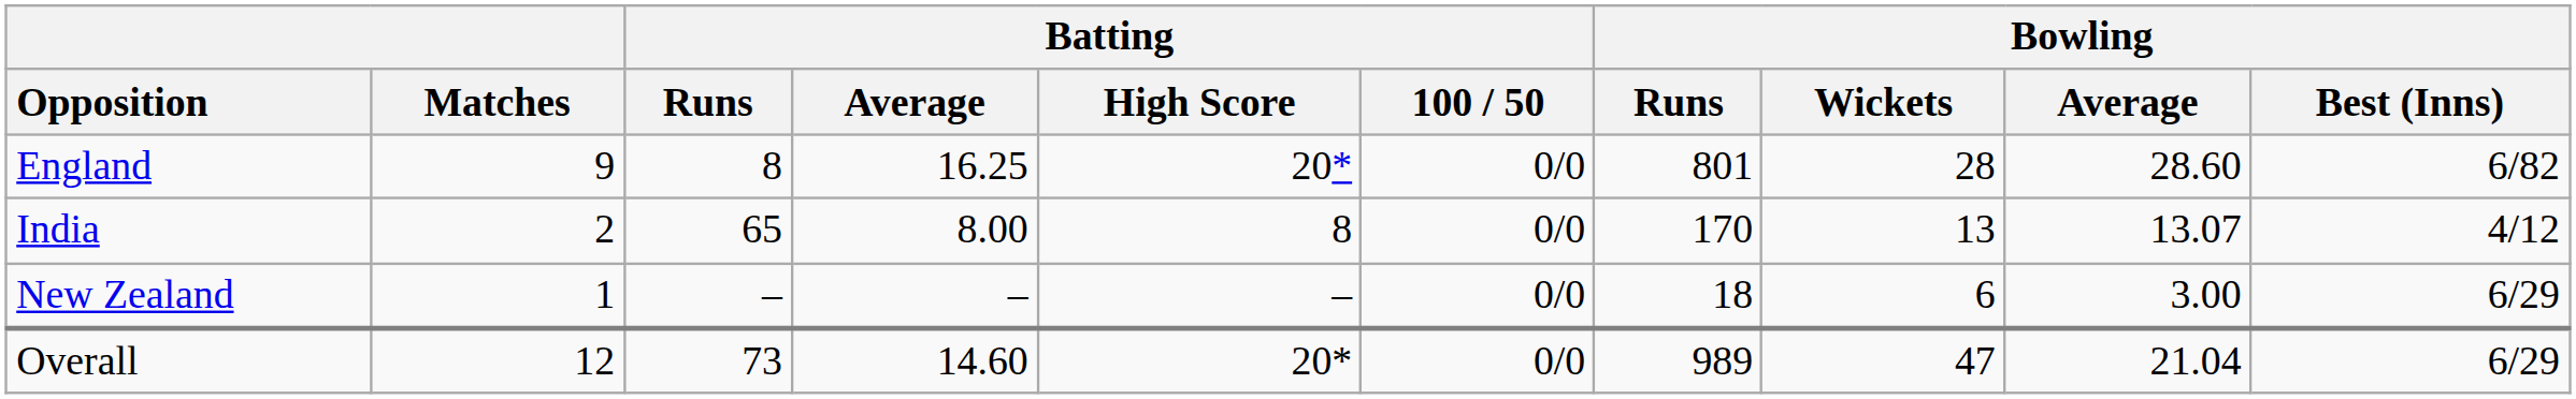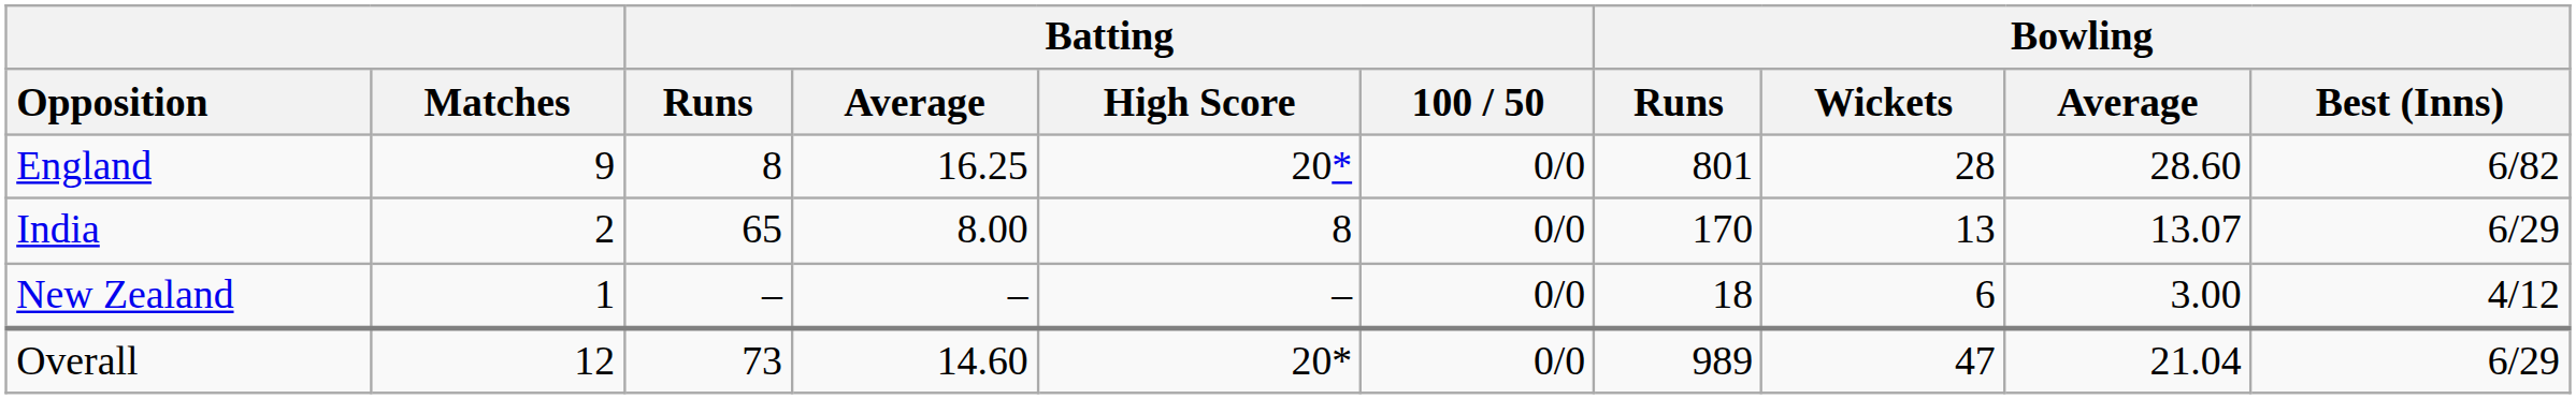 <table class="wikitable" style="margin: 1em auto 1em auto" width="80%">
 <tr>
 <th colspan=2> </th>
 <th colspan=4>Batting</th>
 <th colspan=4>Bowling</th>
 </tr>
 <tr>
 <th style="text-align:left;">Opposition</th>
 <th>Matches</th>
 <th>Runs</th>
 <th>Average</th>
 <th>High Score</th>
 <th>100 / 50</th>
 <th>Runs</th>
 <th>Wickets</th>
 <th>Average</th>
 <th>Best (Inns)</th>
 </tr>
 <tr style="text-align:right;">
 <td style="text-align:left;"><a href='#'>England</a></td>
 <td>9</td>
 <td>8</td>
 <td>16.25</td>
 <td>20<a href='#'>*</a></td>
 <td>0/0</td>
 <td>801</td>
 <td>28</td>
 <td>28.60</td>
 <td>6/82</td>
 </tr>
 <tr style="text-align:right;">
 <td style="text-align:left;"><a href='#'>India</a></td>
 <td>2</td>
 <td>65</td>
 <td>8.00</td>
 <td>8</td>
 <td>0/0</td>
 <td>170</td>
 <td>13</td>
 <td>13.07</td>
-<td>4/12</td>
+<td>6/29</td>
 </tr>
 <tr style="text-align:right;">
 <td style="text-align:left;"><a href='#'>New Zealand</a></td>
 <td>1</td>
 <td>–</td>
 <td>–</td>
 <td>–</td>
 <td>0/0</td>
 <td>18</td>
 <td>6</td>
 <td>3.00</td>
-<td>6/29</td>
+<td>4/12</td>
 </tr>
 <tr style="text-align:right; border-top:solid 2px grey;">
 <td style="text-align:left;">Overall</td>
 <td>12</td>
 <td>73</td>
 <td>14.60</td>
 <td>20*</td>
 <td>0/0</td>
 <td>989</td>
 <td>47</td>
 <td>21.04</td>
 <td>6/29</td>
 </tr>
 </table>
